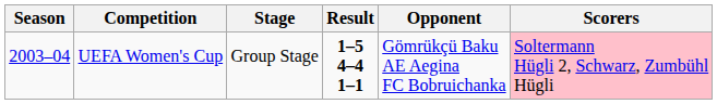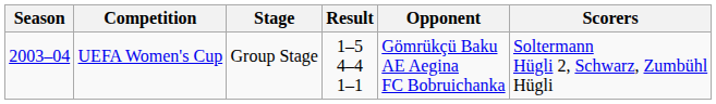 <table class="wikitable">
 <tr>
 <th>Season</th>
 <th>Competition</th>
 <th>Stage</th>
 <th>Result</th>
 <th>Opponent</th>
 <th>Scorers</th>
 </tr>
 <tr>
 <td><a href='#'>2003–04</a><br><br></td>
 <td><a href='#'>UEFA Women's Cup</a><br><br></td>
 <td>Group Stage<br><br></td>
-<td align="center"><strong>1–5<br>4–4<br>1–1</strong></td>
+<td align="center">1–5<br>4–4<br>1–1</td>
 <td> <a href='#'>Gömrükçü Baku</a><br> <a href='#'>AE Aegina</a><br> <a href='#'>FC Bobruichanka</a></td>
-<td style="background: pink;"><a href='#'>Soltermann</a><br><a href='#'>Hügli</a> 2, <a href='#'>Schwarz</a>, <a href='#'>Zumbühl</a><br>Hügli</td>
+<td><a href='#'>Soltermann</a><br><a href='#'>Hügli</a> 2, <a href='#'>Schwarz</a>, <a href='#'>Zumbühl</a><br>Hügli</td>
 </tr>
 <tr>
 </tr>
 </table>
